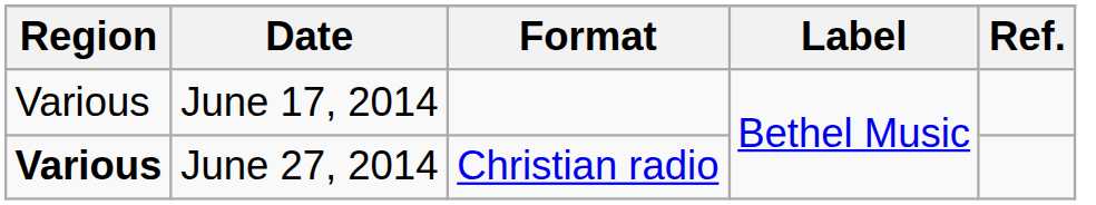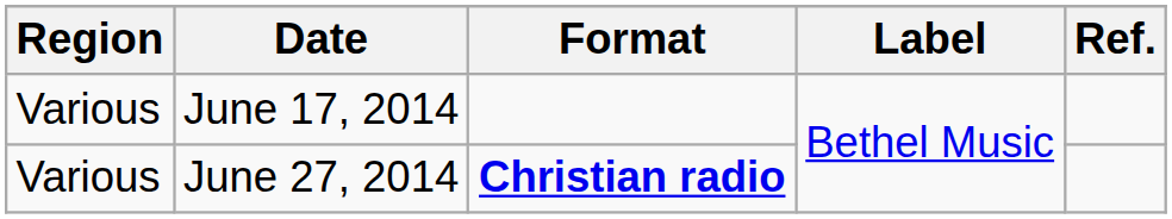 <table class="wikitable plainrowheaders">
 <tr>
 </tr>
 <tr>
 <th scope="col">Region</th>
 <th scope="col">Date</th>
 <th scope="col">Format</th>
 <th scope="col">Label</th>
 <th scope="col">Ref.</th>
 </tr>
 <tr>
 <td>Various</td>
 <td>June 17, 2014</td>
 <td></td>
 <td rowspan="2"><a href='#'>Bethel Music</a></td>
 <td></td>
 </tr>
 <tr>
-<td><strong>Various</strong></td>
+<td>Various</td>
 <td>June 27, 2014</td>
-<td><a href='#'>Christian radio</a></td>
+<td><strong><a href='#'>Christian radio</a></strong></td>
 <td></td>
 </tr>
 </table>
